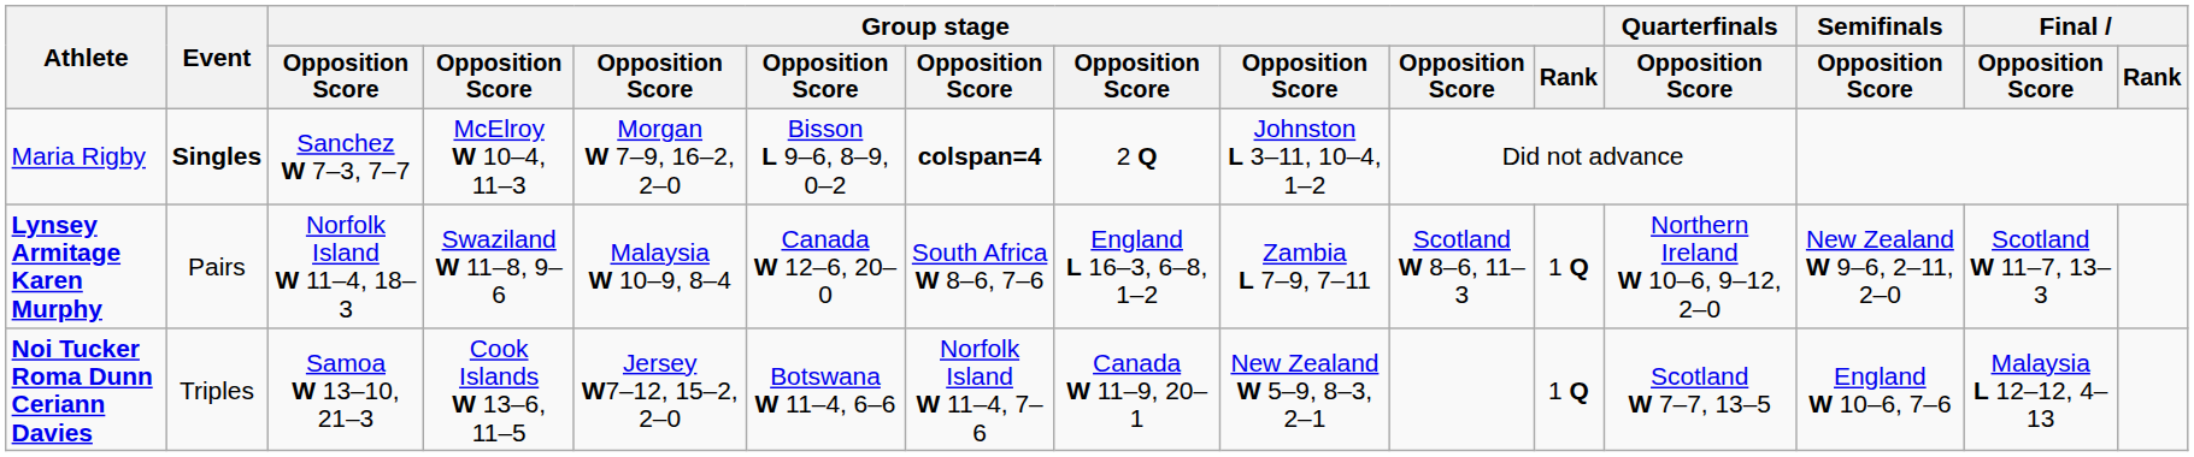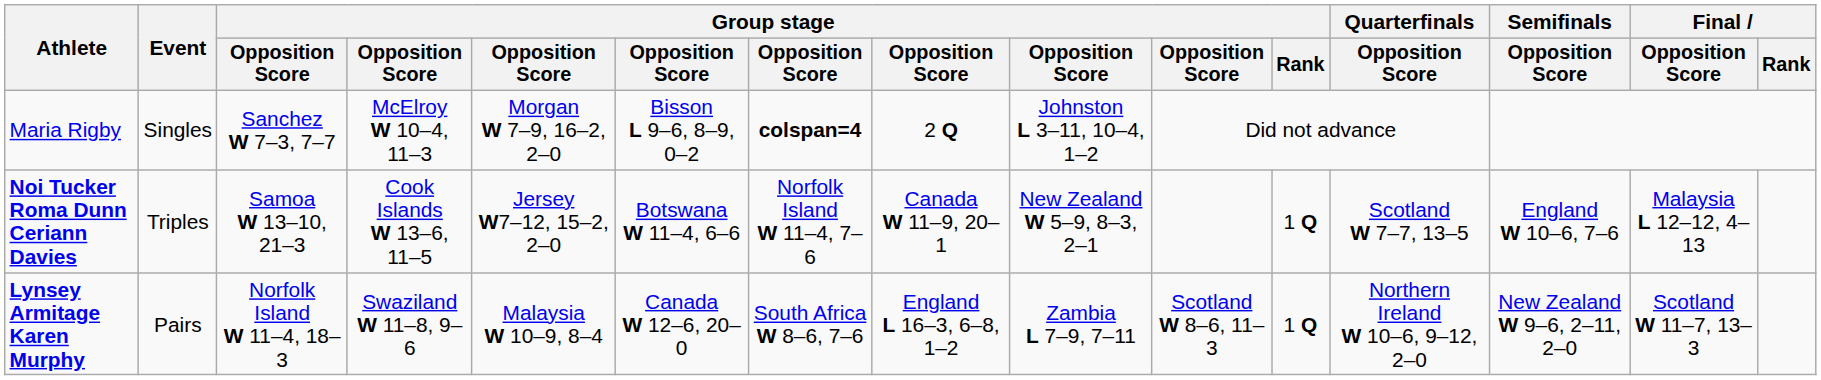 <table class=wikitable style="font-size:90%;text-align:center">
 <tr>
 <th rowspan="2">Athlete</th>
 <th rowspan="2">Event</th>
 <th colspan=9>Group stage</th>
 <th>Quarterfinals</th>
 <th>Semifinals</th>
 <th colspan=2>Final / </th>
 </tr>
 <tr style="font-size:95%">
 <th>Opposition<br>Score</th>
 <th>Opposition<br>Score</th>
 <th>Opposition<br>Score</th>
 <th>Opposition<br>Score</th>
 <th>Opposition<br>Score</th>
 <th>Opposition<br>Score</th>
 <th>Opposition<br>Score</th>
 <th>Opposition<br>Score</th>
 <th>Rank</th>
 <th>Opposition<br>Score</th>
 <th>Opposition<br>Score</th>
 <th>Opposition<br>Score</th>
 <th>Rank</th>
 </tr>
 <tr>
 <td align=left><a href='#'>Maria Rigby</a></td>
-<td><strong>Singles</strong></td>
+<td>Singles</td>
 <td> <a href='#'>Sanchez</a> <br> <strong>W</strong> 7–3, 7–7</td>
 <td> <a href='#'>McElroy</a> <br> <strong>W</strong> 10–4, 11–3</td>
 <td> <a href='#'>Morgan</a> <br> <strong>W</strong> 7–9, 16–2, 2–0</td>
 <td> <a href='#'>Bisson</a> <br> <strong>L</strong> 9–6, 8–9, 0–2</td>
 <td><strong>colspan=4 </strong></td>
 <td>2 <strong>Q</strong></td>
 <td> <a href='#'>Johnston</a> <br> <strong>L</strong> 3–11, 10–4, 1–2</td>
 <td colspan=3>Did not advance</td>
+</tr>
+<tr>
+<td align=left><strong><a href='#'>Noi Tucker</a><br><a href='#'>Roma Dunn</a><br><a href='#'>Ceriann Davies</a></strong></td>
+<td>Triples</td>
+<td> <a href='#'>Samoa</a> <br> <strong>W</strong> 13–10, 21–3</td>
+<td> <a href='#'>Cook Islands</a> <br> <strong>W</strong> 13–6, 11–5</td>
+<td> <a href='#'>Jersey</a> <br> <strong>W</strong>7–12, 15–2, 2–0</td>
+<td> <a href='#'>Botswana</a> <br> <strong>W</strong> 11–4, 6–6</td>
+<td> <a href='#'>Norfolk Island</a> <br> <strong>W</strong> 11–4, 7–6</td>
+<td> <a href='#'>Canada</a> <br> <strong>W</strong> 11–9, 20–1</td>
+<td> <a href='#'>New Zealand</a> <br> <strong>W</strong> 5–9, 8–3, 2–1</td>
+<td></td>
+<td>1 <strong>Q</strong></td>
+<td> <a href='#'>Scotland</a> <br> <strong>W</strong> 7–7, 13–5</td>
+<td> <a href='#'>England</a> <br> <strong>W</strong> 10–6, 7–6</td>
+<td> <a href='#'>Malaysia</a> <br> <strong>L</strong> 12–12, 4–13</td>
+<td></td>
 </tr>
 <tr>
 <td align=left><strong><a href='#'>Lynsey Armitage</a><br><a href='#'>Karen Murphy</a></strong></td>
 <td>Pairs</td>
 <td> <a href='#'>Norfolk Island</a> <br> <strong>W</strong> 11–4, 18–3</td>
 <td> <a href='#'>Swaziland</a> <br> <strong>W</strong> 11–8, 9–6</td>
 <td> <a href='#'>Malaysia</a> <br> <strong>W</strong> 10–9, 8–4</td>
 <td> <a href='#'>Canada</a> <br> <strong>W</strong> 12–6, 20–0</td>
 <td> <a href='#'>South Africa</a> <br> <strong>W</strong> 8–6, 7–6</td>
 <td> <a href='#'>England</a> <br> <strong>L</strong> 16–3, 6–8, 1–2</td>
 <td> <a href='#'>Zambia</a> <br> <strong>L</strong> 7–9, 7–11</td>
 <td> <a href='#'>Scotland</a> <br> <strong>W</strong> 8–6, 11–3</td>
 <td>1 <strong>Q</strong></td>
 <td> <a href='#'>Northern Ireland</a> <br> <strong>W</strong> 10–6, 9–12, 2–0</td>
 <td> <a href='#'>New Zealand</a> <br> <strong>W</strong> 9–6, 2–11, 2–0</td>
 <td> <a href='#'>Scotland</a> <br> <strong>W</strong> 11–7, 13–3</td>
 <td></td>
 </tr>
-<tr>
-<td align=left><strong><a href='#'>Noi Tucker</a><br><a href='#'>Roma Dunn</a><br><a href='#'>Ceriann Davies</a></strong></td>
-<td>Triples</td>
-<td> <a href='#'>Samoa</a> <br> <strong>W</strong> 13–10, 21–3</td>
-<td> <a href='#'>Cook Islands</a> <br> <strong>W</strong> 13–6, 11–5</td>
-<td> <a href='#'>Jersey</a> <br> <strong>W</strong>7–12, 15–2, 2–0</td>
-<td> <a href='#'>Botswana</a> <br> <strong>W</strong> 11–4, 6–6</td>
-<td> <a href='#'>Norfolk Island</a> <br> <strong>W</strong> 11–4, 7–6</td>
-<td> <a href='#'>Canada</a> <br> <strong>W</strong> 11–9, 20–1</td>
-<td> <a href='#'>New Zealand</a> <br> <strong>W</strong> 5–9, 8–3, 2–1</td>
-<td></td>
-<td>1 <strong>Q</strong></td>
-<td> <a href='#'>Scotland</a> <br> <strong>W</strong> 7–7, 13–5</td>
-<td> <a href='#'>England</a> <br> <strong>W</strong> 10–6, 7–6</td>
-<td> <a href='#'>Malaysia</a> <br> <strong>L</strong> 12–12, 4–13</td>
-<td></td>
-</tr>
 </table>
